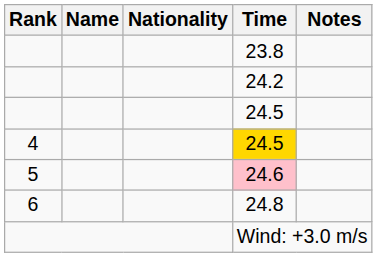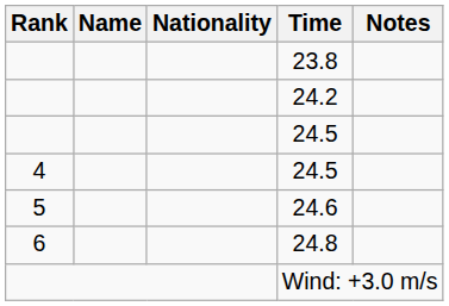 <table class="wikitable sortable" style="text-align:center">
 <tr>
 <th>Rank</th>
 <th>Name</th>
 <th>Nationality</th>
 <th>Time</th>
 <th>Notes</th>
 </tr>
 <tr>
 <td></td>
 <td align=left></td>
 <td align=left></td>
 <td>23.8</td>
 <td></td>
 </tr>
 <tr>
 <td></td>
 <td align=left></td>
 <td align=left></td>
 <td>24.2</td>
 <td></td>
 </tr>
 <tr>
 <td></td>
 <td align=left></td>
 <td align=left></td>
 <td>24.5</td>
 <td></td>
 </tr>
 <tr>
 <td>4</td>
 <td align=left></td>
 <td align=left></td>
-<td style="background: gold;">24.5</td>
+<td>24.5</td>
 <td></td>
 </tr>
 <tr>
 <td>5</td>
 <td align=left></td>
 <td align=left></td>
-<td style="background: pink;">24.6</td>
+<td>24.6</td>
 <td></td>
 </tr>
 <tr>
 <td>6</td>
 <td align=left></td>
 <td align=left></td>
 <td>24.8</td>
 <td></td>
 </tr>
 <tr class="sortbottom">
 <td colspan=3></td>
 <td colspan="2" style="text-align:left;">Wind: +3.0 m/s</td>
 </tr>
 </table>
